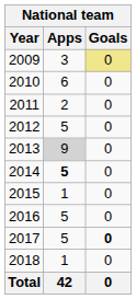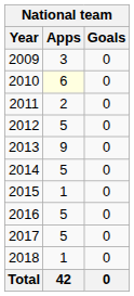 <table class="wikitable" style="text-align:center">
 <tr>
 <th colspan=3>National team</th>
 </tr>
 <tr>
 <th>Year</th>
 <th>Apps</th>
 <th>Goals</th>
 </tr>
 <tr>
 <td>2009</td>
 <td>3</td>
-<td style="background: khaki;">0</td>
+<td>0</td>
 </tr>
 <tr>
 <td>2010</td>
-<td>6</td>
+<td style="background: lightyellow;">6</td>
 <td>0</td>
 </tr>
 <tr>
 <td>2011</td>
 <td>2</td>
 <td>0</td>
 </tr>
 <tr>
 <td>2012</td>
 <td>5</td>
 <td>0</td>
 </tr>
 <tr>
 <td>2013</td>
-<td style="background: lightgrey;">9</td>
+<td>9</td>
 <td>0</td>
 </tr>
 <tr>
 <td>2014</td>
-<td><strong>5</strong></td>
+<td>5</td>
 <td>0</td>
 </tr>
 <tr>
 <td>2015</td>
 <td>1</td>
 <td>0</td>
 </tr>
 <tr>
 <td>2016</td>
 <td>5</td>
 <td>0</td>
 </tr>
 <tr>
 <td>2017</td>
 <td>5</td>
-<td><strong>0</strong></td>
+<td>0</td>
 </tr>
 <tr>
 <td>2018</td>
 <td>1</td>
 <td>0</td>
 </tr>
 <tr>
 <th>Total</th>
 <th>42</th>
 <th>0</th>
 </tr>
 </table>
